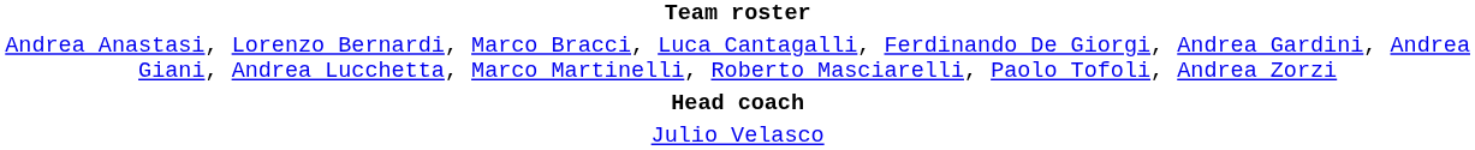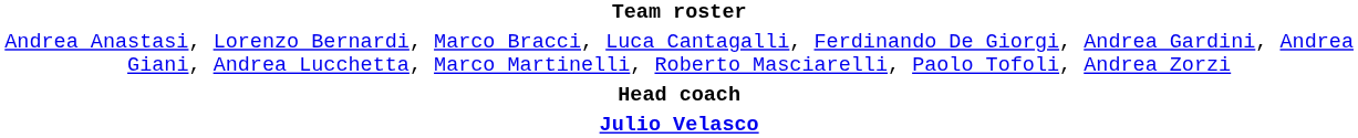 <table style="text-align: center; margin-top: 2em; margin-left: auto; margin-right: auto">
 <tr>
 <td><strong>Team roster</strong></td>
 </tr>
 <tr>
 <td><a href='#'>Andrea Anastasi</a>, <a href='#'>Lorenzo Bernardi</a>, <a href='#'>Marco Bracci</a>, <a href='#'>Luca Cantagalli</a>, <a href='#'>Ferdinando De Giorgi</a>, <a href='#'>Andrea Gardini</a>, <a href='#'>Andrea Giani</a>, <a href='#'>Andrea Lucchetta</a>, <a href='#'>Marco Martinelli</a>, <a href='#'>Roberto Masciarelli</a>, <a href='#'>Paolo Tofoli</a>, <a href='#'>Andrea Zorzi</a></td>
 </tr>
 <tr>
 <td><strong>Head coach</strong></td>
 </tr>
 <tr>
-<td><a href='#'>Julio Velasco</a></td>
+<td><strong><a href='#'>Julio Velasco</a></strong></td>
 </tr>
 <tr>
 </tr>
 </table>
